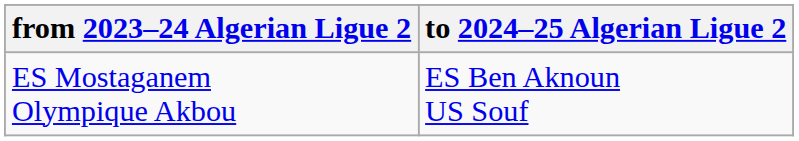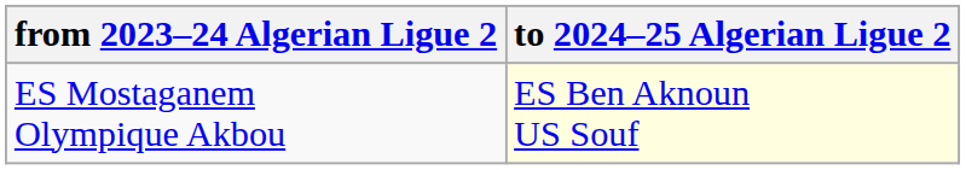 <table class="wikitable">
 <tr>
 <th> from <a href='#'>2023–24 Algerian Ligue 2</a></th>
 <th> to <a href='#'>2024–25 Algerian Ligue 2</a></th>
 </tr>
 <tr>
 <td><a href='#'>ES Mostaganem</a><br><a href='#'>Olympique Akbou</a></td>
-<td><a href='#'>ES Ben Aknoun</a><br><a href='#'>US Souf</a></td>
+<td style="background: lightyellow;"><a href='#'>ES Ben Aknoun</a><br><a href='#'>US Souf</a></td>
 </tr>
 </table>
